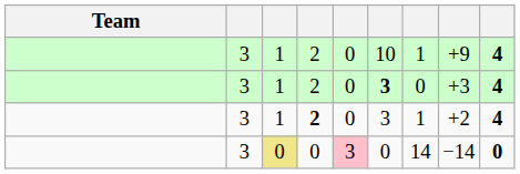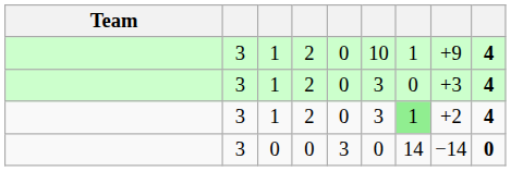 <table class="wikitable" style="text-align:center;">
 <tr>
 <th width=165>Team</th>
 <th width=20></th>
 <th width=20></th>
 <th width=20></th>
 <th width=20></th>
 <th width=20></th>
 <th width=20></th>
 <th width=20></th>
 <th width=20></th>
 </tr>
 <tr bgcolor="#ccffcc">
 <td align="left"></td>
 <td>3</td>
 <td>1</td>
 <td>2</td>
 <td>0</td>
 <td>10</td>
 <td>1</td>
 <td>+9</td>
 <td><strong>4</strong></td>
 </tr>
 <tr bgcolor="#ccffcc">
 <td align="left"></td>
 <td>3</td>
 <td>1</td>
 <td>2</td>
 <td>0</td>
-<td><strong>3</strong></td>
+<td>3</td>
 <td>0</td>
 <td>+3</td>
 <td><strong>4</strong></td>
 </tr>
 <tr>
 <td align="left"></td>
 <td>3</td>
 <td>1</td>
-<td><strong>2</strong></td>
+<td>2</td>
 <td>0</td>
 <td>3</td>
-<td>1</td>
+<td style="background: lightgreen;">1</td>
 <td>+2</td>
 <td><strong>4</strong></td>
 </tr>
 <tr>
 <td align="left"></td>
 <td>3</td>
-<td style="background: khaki;">0</td>
 <td>0</td>
-<td style="background: pink;">3</td>
+<td>0</td>
+<td>3</td>
 <td>0</td>
 <td>14</td>
 <td>−14</td>
 <td><strong>0</strong></td>
 </tr>
 </table>
